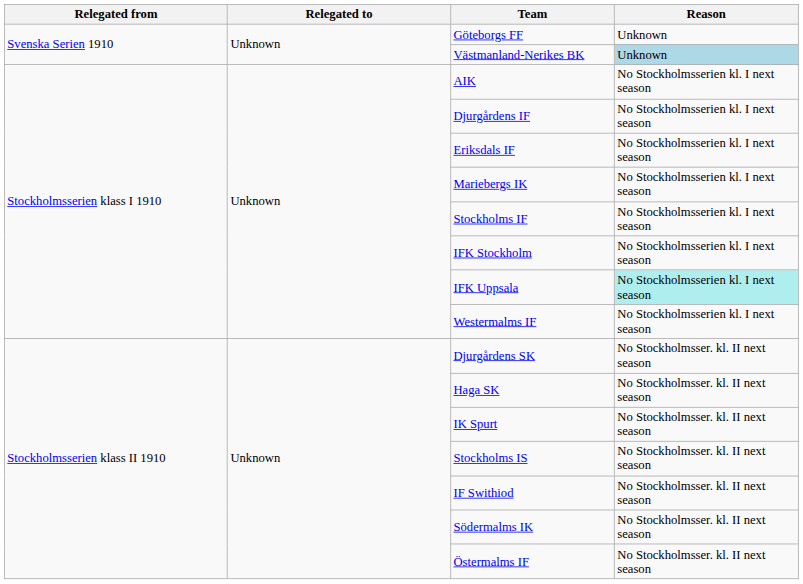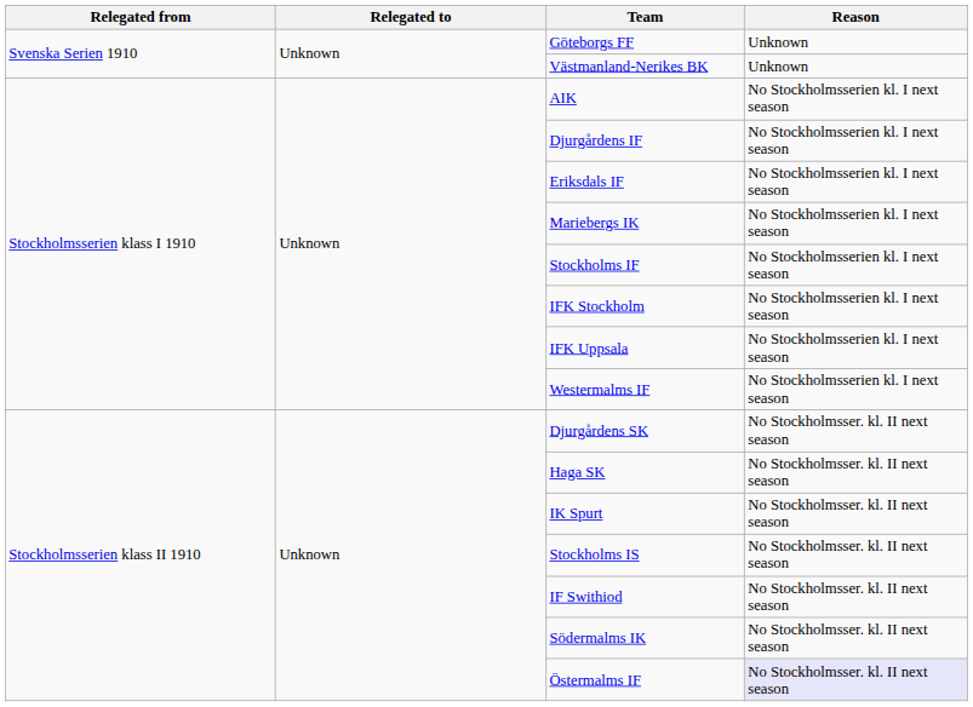 <table class="wikitable" style="text-align: left;">
 <tr>
 <th style="width: 275px;">Relegated from</th>
 <th style="width: 275px;">Relegated to</th>
 <th style="width: 200px;">Team</th>
 <th style="width: 225px;">Reason</th>
 </tr>
 <tr>
 <td rowspan="2"><a href='#'>Svenska Serien</a> 1910</td>
 <td rowspan="2">Unknown</td>
 <td><a href='#'>Göteborgs FF</a></td>
 <td>Unknown</td>
 </tr>
 <tr>
 <td><a href='#'>Västmanland-Nerikes BK</a></td>
-<td style="background: lightblue;">Unknown</td>
+<td>Unknown</td>
 </tr>
 <tr>
 <td rowspan="8"><a href='#'>Stockholmsserien</a> klass I 1910</td>
 <td rowspan="8">Unknown</td>
 <td><a href='#'>AIK</a></td>
 <td>No Stockholmsserien kl. I next season</td>
 </tr>
 <tr>
 <td><a href='#'>Djurgårdens IF</a></td>
 <td>No Stockholmsserien kl. I next season</td>
 </tr>
 <tr>
 <td><a href='#'>Eriksdals IF</a></td>
 <td>No Stockholmsserien kl. I next season</td>
 </tr>
 <tr>
 <td><a href='#'>Mariebergs IK</a></td>
 <td>No Stockholmsserien kl. I next season</td>
 </tr>
 <tr>
 <td><a href='#'>Stockholms IF</a></td>
 <td>No Stockholmsserien kl. I next season</td>
 </tr>
 <tr>
 <td><a href='#'>IFK Stockholm</a></td>
 <td>No Stockholmsserien kl. I next season</td>
 </tr>
 <tr>
 <td><a href='#'>IFK Uppsala</a></td>
-<td style="background: paleturquoise;">No Stockholmsserien kl. I next season</td>
+<td>No Stockholmsserien kl. I next season</td>
 </tr>
 <tr>
 <td><a href='#'>Westermalms IF</a></td>
 <td>No Stockholmsserien kl. I next season</td>
 </tr>
 <tr>
 <td rowspan="7"><a href='#'>Stockholmsserien</a> klass II 1910</td>
 <td rowspan="7">Unknown</td>
 <td><a href='#'>Djurgårdens SK</a></td>
 <td>No Stockholmsser. kl. II next season</td>
 </tr>
 <tr>
 <td><a href='#'>Haga SK</a></td>
 <td>No Stockholmsser. kl. II next season</td>
 </tr>
 <tr>
 <td><a href='#'>IK Spurt</a></td>
 <td>No Stockholmsser. kl. II next season</td>
 </tr>
 <tr>
 <td><a href='#'>Stockholms IS</a></td>
 <td>No Stockholmsser. kl. II next season</td>
 </tr>
 <tr>
 <td><a href='#'>IF Swithiod</a></td>
 <td>No Stockholmsser. kl. II next season</td>
 </tr>
 <tr>
 <td><a href='#'>Södermalms IK</a></td>
 <td>No Stockholmsser. kl. II next season</td>
 </tr>
 <tr>
 <td><a href='#'>Östermalms IF</a></td>
-<td>No Stockholmsser. kl. II next season</td>
+<td style="background: lavender;">No Stockholmsser. kl. II next season</td>
 </tr>
 </table>
